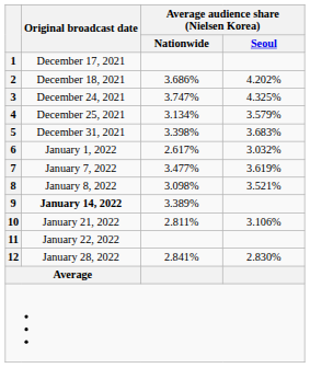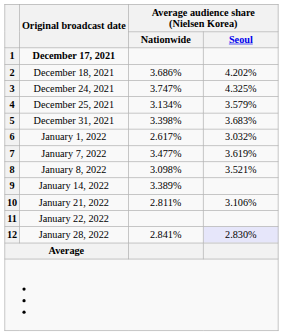 <table class="wikitable" style="text-align:center; max-width:550px; margin-left: auto; margin-right: auto; border: none;">
 <tr>
 </tr>
 <tr>
 <th rowspan="2"></th>
 <th rowspan="2">Original broadcast date</th>
 <th colspan="2">Average audience share<br>(Nielsen Korea)</th>
 </tr>
 <tr>
 <th width="110">Nationwide</th>
 <th width="110"><a href='#'>Seoul</a></th>
 </tr>
 <tr>
 <th>1</th>
-<td>December 17, 2021</td>
+<td><strong>December 17, 2021</strong></td>
 <td><strong></strong> </td>
 <td><strong></strong> </td>
 </tr>
 <tr>
 <th>2</th>
 <td>December 18, 2021</td>
 <td>3.686% </td>
 <td>4.202% </td>
 </tr>
 <tr>
 <th>3</th>
 <td>December 24, 2021</td>
 <td>3.747% </td>
 <td>4.325% </td>
 </tr>
 <tr>
 <th>4</th>
 <td>December 25, 2021</td>
 <td>3.134% </td>
 <td>3.579% </td>
 </tr>
 <tr>
 <th>5</th>
 <td>December 31, 2021</td>
 <td>3.398% </td>
 <td>3.683% </td>
 </tr>
 <tr>
 <th>6</th>
 <td>January 1, 2022</td>
 <td>2.617% </td>
 <td>3.032% </td>
 </tr>
 <tr>
 <th>7</th>
 <td>January 7, 2022</td>
 <td>3.477% </td>
 <td>3.619% </td>
 </tr>
 <tr>
 <th>8</th>
 <td>January 8, 2022</td>
 <td>3.098% </td>
 <td>3.521% </td>
 </tr>
 <tr>
 <th>9</th>
-<td><strong>January 14, 2022</strong></td>
+<td>January 14, 2022</td>
 <td>3.389% </td>
 <td></td>
 </tr>
 <tr>
 <th>10</th>
 <td>January 21, 2022</td>
 <td>2.811% </td>
 <td>3.106% </td>
 </tr>
 <tr>
 <th>11</th>
 <td>January 22, 2022</td>
 <td><strong></strong> </td>
 <td><strong></strong> </td>
 </tr>
 <tr>
 <th>12</th>
 <td>January 28, 2022</td>
 <td>2.841% </td>
-<td>2.830% </td>
+<td style="background: lavender;">2.830% </td>
 </tr>
 <tr>
 <th colspan="2">Average</th>
 <th></th>
 <th></th>
 </tr>
 <tr>
 <td colspan="4"><br><ul><li></li><li></li><li></li></ul></td>
 </tr>
 </table>
